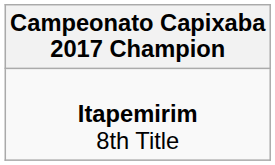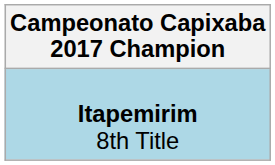 <table class="wikitable" style="text-align: center; margin: 0 auto;">
 <tr>
 <th>Campeonato Capixaba<br>2017 Champion</th>
 </tr>
 <tr>
-<td><br><strong>Itapemirim</strong><br>8th Title</td>
+<td style="background: lightblue;"><br><strong>Itapemirim</strong><br>8th Title</td>
 </tr>
 </table>
